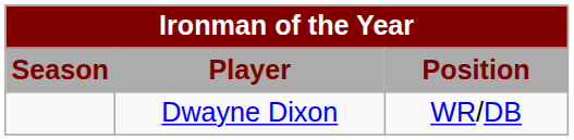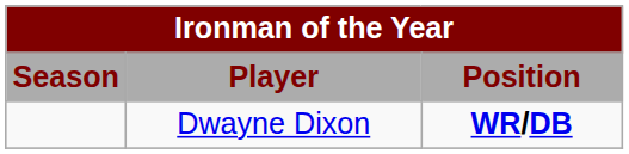 <table class="wikitable sortable" style="text-align:center">
 <tr>
 <td colspan="4" style="background:#800000; color:white;"><strong>Ironman of the Year</strong></td>
 </tr>
 <tr>
 <th style="width:50px; background:#ACACAC; color:#800000;">Season</th>
 <th style="width:150px; background:#ACACAC; color:#800000;">Player</th>
 <th style="width:100px; background:#ACACAC; color:#800000;">Position</th>
 </tr>
 <tr>
 <td></td>
 <td><a href='#'>Dwayne Dixon</a></td>
-<td><a href='#'>WR</a>/<a href='#'>DB</a></td>
+<td><strong><a href='#'>WR</a>/<a href='#'>DB</a></strong></td>
 </tr>
 </table>
